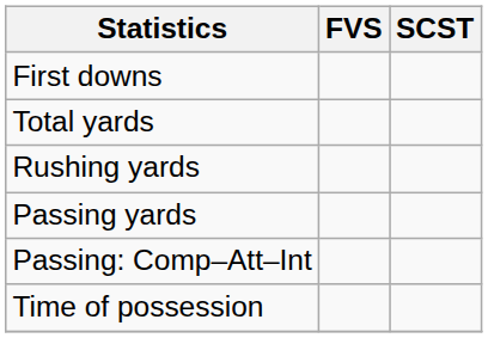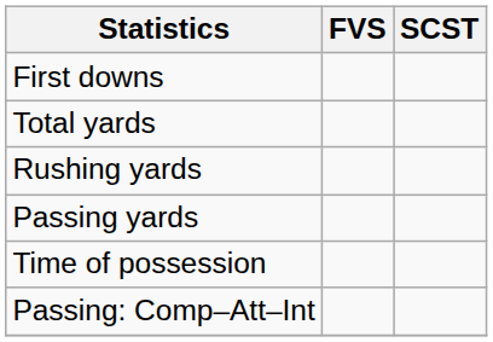 <table class="wikitable" style="float: left;">
 <tr>
 <th>Statistics</th>
 <th>FVS</th>
 <th>SCST</th>
 </tr>
 <tr>
 <td>First downs</td>
 <td></td>
 <td></td>
 </tr>
 <tr>
 <td>Total yards</td>
 <td></td>
 <td></td>
 </tr>
 <tr>
 <td>Rushing yards</td>
 <td></td>
 <td></td>
 </tr>
 <tr>
 <td>Passing yards</td>
 <td></td>
 <td></td>
 </tr>
 <tr>
-<td>Passing: Comp–Att–Int</td>
+<td>Time of possession</td>
 <td></td>
 <td></td>
 </tr>
 <tr>
-<td>Time of possession</td>
+<td>Passing: Comp–Att–Int</td>
 <td></td>
 <td></td>
 </tr>
 <tr>
 </tr>
 </table>
